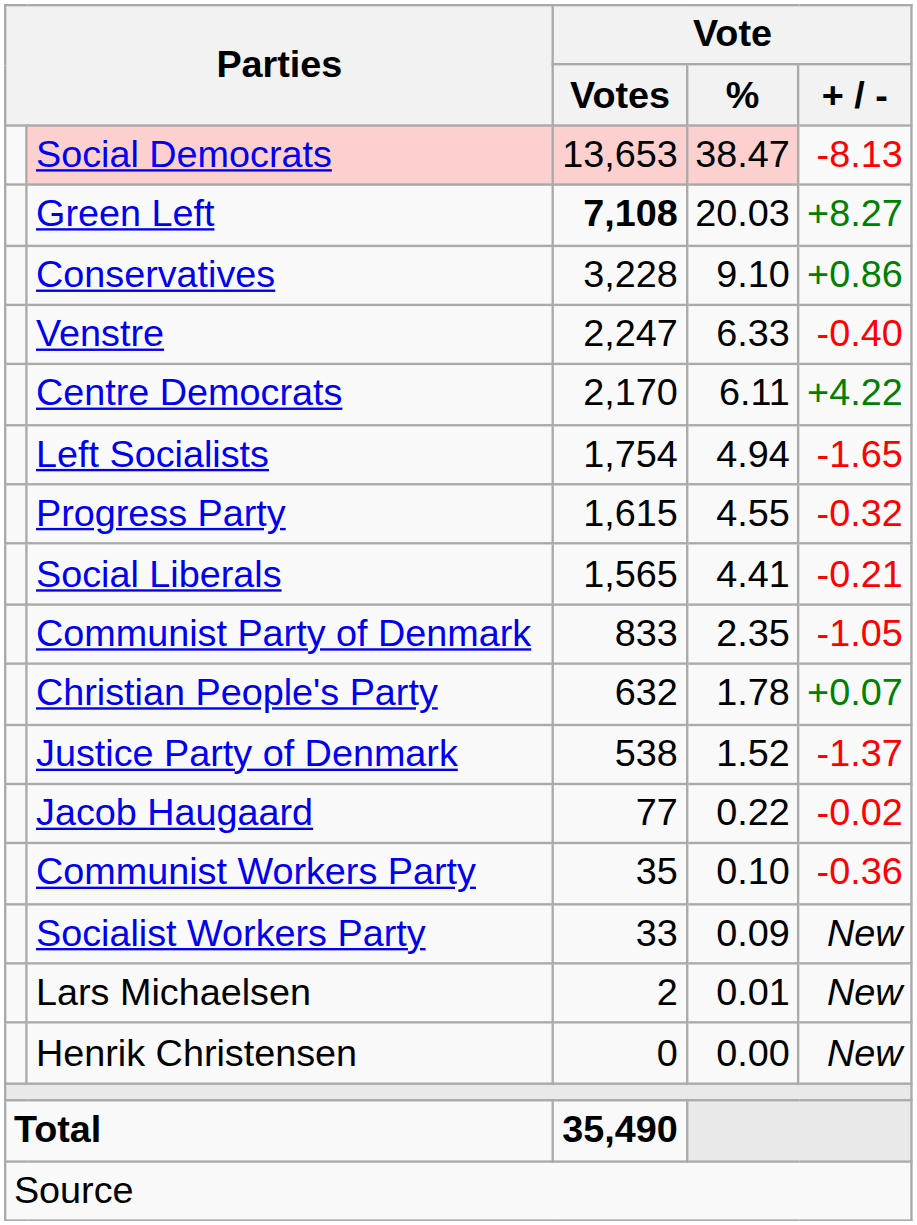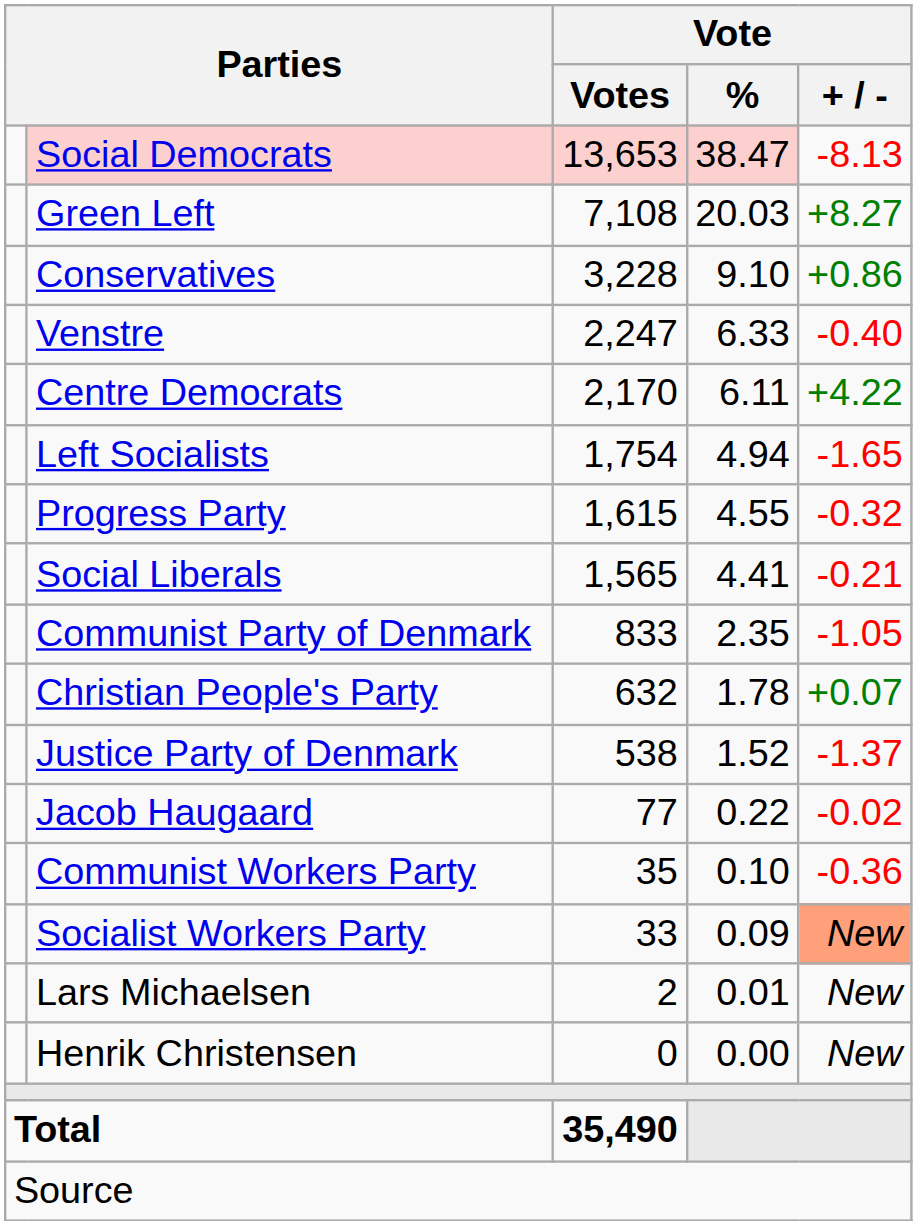 <table class="wikitable" style="text-align:right;">
 <tr>
 <th style="text-align:centre;" rowspan="2" colspan="2" width="225">Parties</th>
 <th colspan="3">Vote</th>
 </tr>
 <tr>
 <th width="15">Votes</th>
 <th width="15">%</th>
 <th width="15">+ / -</th>
 </tr>
 <tr>
 <td width="2" style="color:inherit;background:"></td>
 <td bgcolor=#fbd0ce  align="left"><a href='#'>Social Democrats</a></td>
 <td bgcolor=#fbd0ce>13,653</td>
 <td bgcolor=#fbd0ce>38.47</td>
 <td style=color:red;>-8.13</td>
 </tr>
 <tr>
 <td width="2" style="color:inherit;background:"></td>
 <td align="left"><a href='#'>Green Left</a></td>
-<td><strong>7,108</strong></td>
+<td>7,108</td>
 <td>20.03</td>
 <td style=color:green;>+8.27</td>
 </tr>
 <tr>
 <td width="2" style="color:inherit;background:"></td>
 <td align="left"><a href='#'>Conservatives</a></td>
 <td>3,228</td>
 <td>9.10</td>
 <td style=color:green;>+0.86</td>
 </tr>
 <tr>
 <td width="2" style="color:inherit;background:"></td>
 <td align="left"><a href='#'>Venstre</a></td>
 <td>2,247</td>
 <td>6.33</td>
 <td style=color:red;>-0.40</td>
 </tr>
 <tr>
 <td width="2" style="color:inherit;background:"></td>
 <td align="left"><a href='#'>Centre Democrats</a></td>
 <td>2,170</td>
 <td>6.11</td>
 <td style=color:green;>+4.22</td>
 </tr>
 <tr>
 <td width="2" style="color:inherit;background:"></td>
 <td align="left"><a href='#'>Left Socialists</a></td>
 <td>1,754</td>
 <td>4.94</td>
 <td style=color:red;>-1.65</td>
 </tr>
 <tr>
 <td width="2" style="color:inherit;background:"></td>
 <td align="left"><a href='#'>Progress Party</a></td>
 <td>1,615</td>
 <td>4.55</td>
 <td style=color:red;>-0.32</td>
 </tr>
 <tr>
 <td width="2" style="color:inherit;background:"></td>
 <td align="left"><a href='#'>Social Liberals</a></td>
 <td>1,565</td>
 <td>4.41</td>
 <td style=color:red;>-0.21</td>
 </tr>
 <tr>
 <td width="2" style="color:inherit;background:"></td>
 <td align="left"><a href='#'>Communist Party of Denmark</a></td>
 <td>833</td>
 <td>2.35</td>
 <td style=color:red;>-1.05</td>
 </tr>
 <tr>
 <td width="2" style="color:inherit;background:"></td>
 <td align="left"><a href='#'>Christian People's Party</a></td>
 <td>632</td>
 <td>1.78</td>
 <td style=color:green;>+0.07</td>
 </tr>
 <tr>
 <td width="2" style="color:inherit;background:"></td>
 <td align="left"><a href='#'>Justice Party of Denmark</a></td>
 <td>538</td>
 <td>1.52</td>
 <td style=color:red;>-1.37</td>
 </tr>
 <tr>
 <td width="2" style="color:inherit;background:"></td>
 <td align="left"><a href='#'>Jacob Haugaard</a></td>
 <td>77</td>
 <td>0.22</td>
 <td style=color:red;>-0.02</td>
 </tr>
 <tr>
 <td width="2" style="color:inherit;background:"></td>
 <td align="left"><a href='#'>Communist Workers Party</a></td>
 <td>35</td>
 <td>0.10</td>
 <td style=color:red;>-0.36</td>
 </tr>
 <tr>
 <td width="2" style="color:inherit;background:"></td>
 <td align="left"><a href='#'>Socialist Workers Party</a></td>
 <td>33</td>
 <td>0.09</td>
-<td><em>New</em></td>
+<td style="background: lightsalmon;"><em>New</em></td>
 </tr>
 <tr>
 <td width="2" style="color:inherit;background:"></td>
 <td align="left">Lars Michaelsen</td>
 <td>2</td>
 <td>0.01</td>
 <td><em>New</em></td>
 </tr>
 <tr>
 <td width="2" style="color:inherit;background:"></td>
 <td align="left">Henrik Christensen</td>
 <td>0</td>
 <td>0.00</td>
 <td><em>New</em></td>
 </tr>
 <tr>
 <td colspan="7" bgcolor="#E9E9E9"></td>
 </tr>
 <tr>
 <td align="left" colspan="2"><strong>Total</strong></td>
 <td><strong>35,490</strong></td>
 <td bgcolor="#E9E9E9" colspan="2"></td>
 </tr>
 <tr>
 <td align="left" colspan="6">Source</td>
 </tr>
 </table>
